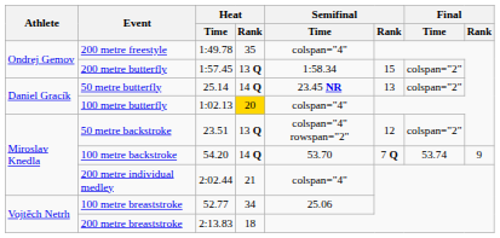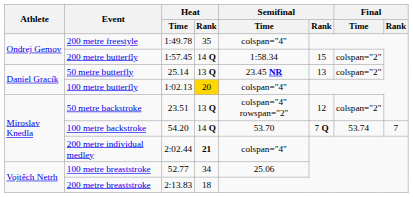 <table class="wikitable" style="text-align:center; font-size:90%; width:50%;">
 <tr>
 <th rowspan="2">Athlete</th>
 <th rowspan="2">Event</th>
 <th colspan="2">Heat</th>
 <th colspan="2">Semifinal</th>
 <th colspan="2">Final</th>
 </tr>
 <tr style="font-size:95%">
 <th>Time</th>
 <th>Rank</th>
 <th>Time</th>
 <th>Rank</th>
 <th>Time</th>
 <th>Rank</th>
 </tr>
 <tr align=center>
 <td align=left rowspan="2"><a href='#'>Ondrej Gemov</a></td>
 <td align=left><a href='#'>200 metre freestyle</a></td>
 <td>1:49.78</td>
 <td>35</td>
 <td>colspan="4" </td>
 </tr>
 <tr align=center>
 <td align=left><a href='#'>200 metre butterfly</a></td>
 <td>1:57.45</td>
-<td>13 <strong>Q</strong></td>
+<td>14 <strong>Q</strong></td>
 <td>1:58.34</td>
 <td>15</td>
 <td>colspan="2" </td>
 </tr>
 <tr align=center>
 <td align=left rowspan="2"><a href='#'>Daniel Gracík</a></td>
 <td align=left><a href='#'>50 metre butterfly</a></td>
 <td>25.14</td>
-<td>14 <strong>Q</strong></td>
+<td>13 <strong>Q</strong></td>
 <td>23.45 <strong><a href='#'>NR</a></strong></td>
 <td>13</td>
 <td>colspan="2" </td>
 </tr>
 <tr align=center>
 <td align=left><a href='#'>100 metre butterfly</a></td>
 <td>1:02.13</td>
 <td style="background: gold;">20</td>
 <td>colspan="4" </td>
 </tr>
 <tr align=center>
 <td align=left rowspan="3"><a href='#'>Miroslav Knedla</a></td>
 <td align=left><a href='#'>50 metre backstroke</a></td>
 <td>23.51</td>
 <td>13 <strong>Q</strong></td>
 <td>colspan="4"  rowspan="2" </td>
 <td>12</td>
 <td>colspan="2" </td>
 </tr>
 <tr align=center>
 <td align=left><a href='#'>100 metre backstroke</a></td>
 <td>54.20</td>
 <td>14 <strong>Q</strong></td>
 <td>53.70</td>
 <td>7 <strong>Q</strong></td>
 <td>53.74</td>
-<td>9</td>
+<td>7</td>
 </tr>
 <tr align=center>
 <td align=left><a href='#'>200 metre individual medley</a></td>
 <td>2:02.44</td>
-<td>21</td>
+<td><strong>21</strong></td>
 <td>colspan="4" </td>
 </tr>
 <tr align=center>
 <td align=left rowspan="2"><a href='#'>Vojtěch Netrh</a></td>
 <td align=left><a href='#'>100 metre breaststroke</a></td>
 <td>52.77</td>
 <td>34</td>
 <td>25.06</td>
 </tr>
 <tr align=center>
 <td align=left><a href='#'>200 metre breaststroke</a></td>
 <td>2:13.83</td>
 <td>18</td>
 </tr>
 </table>
